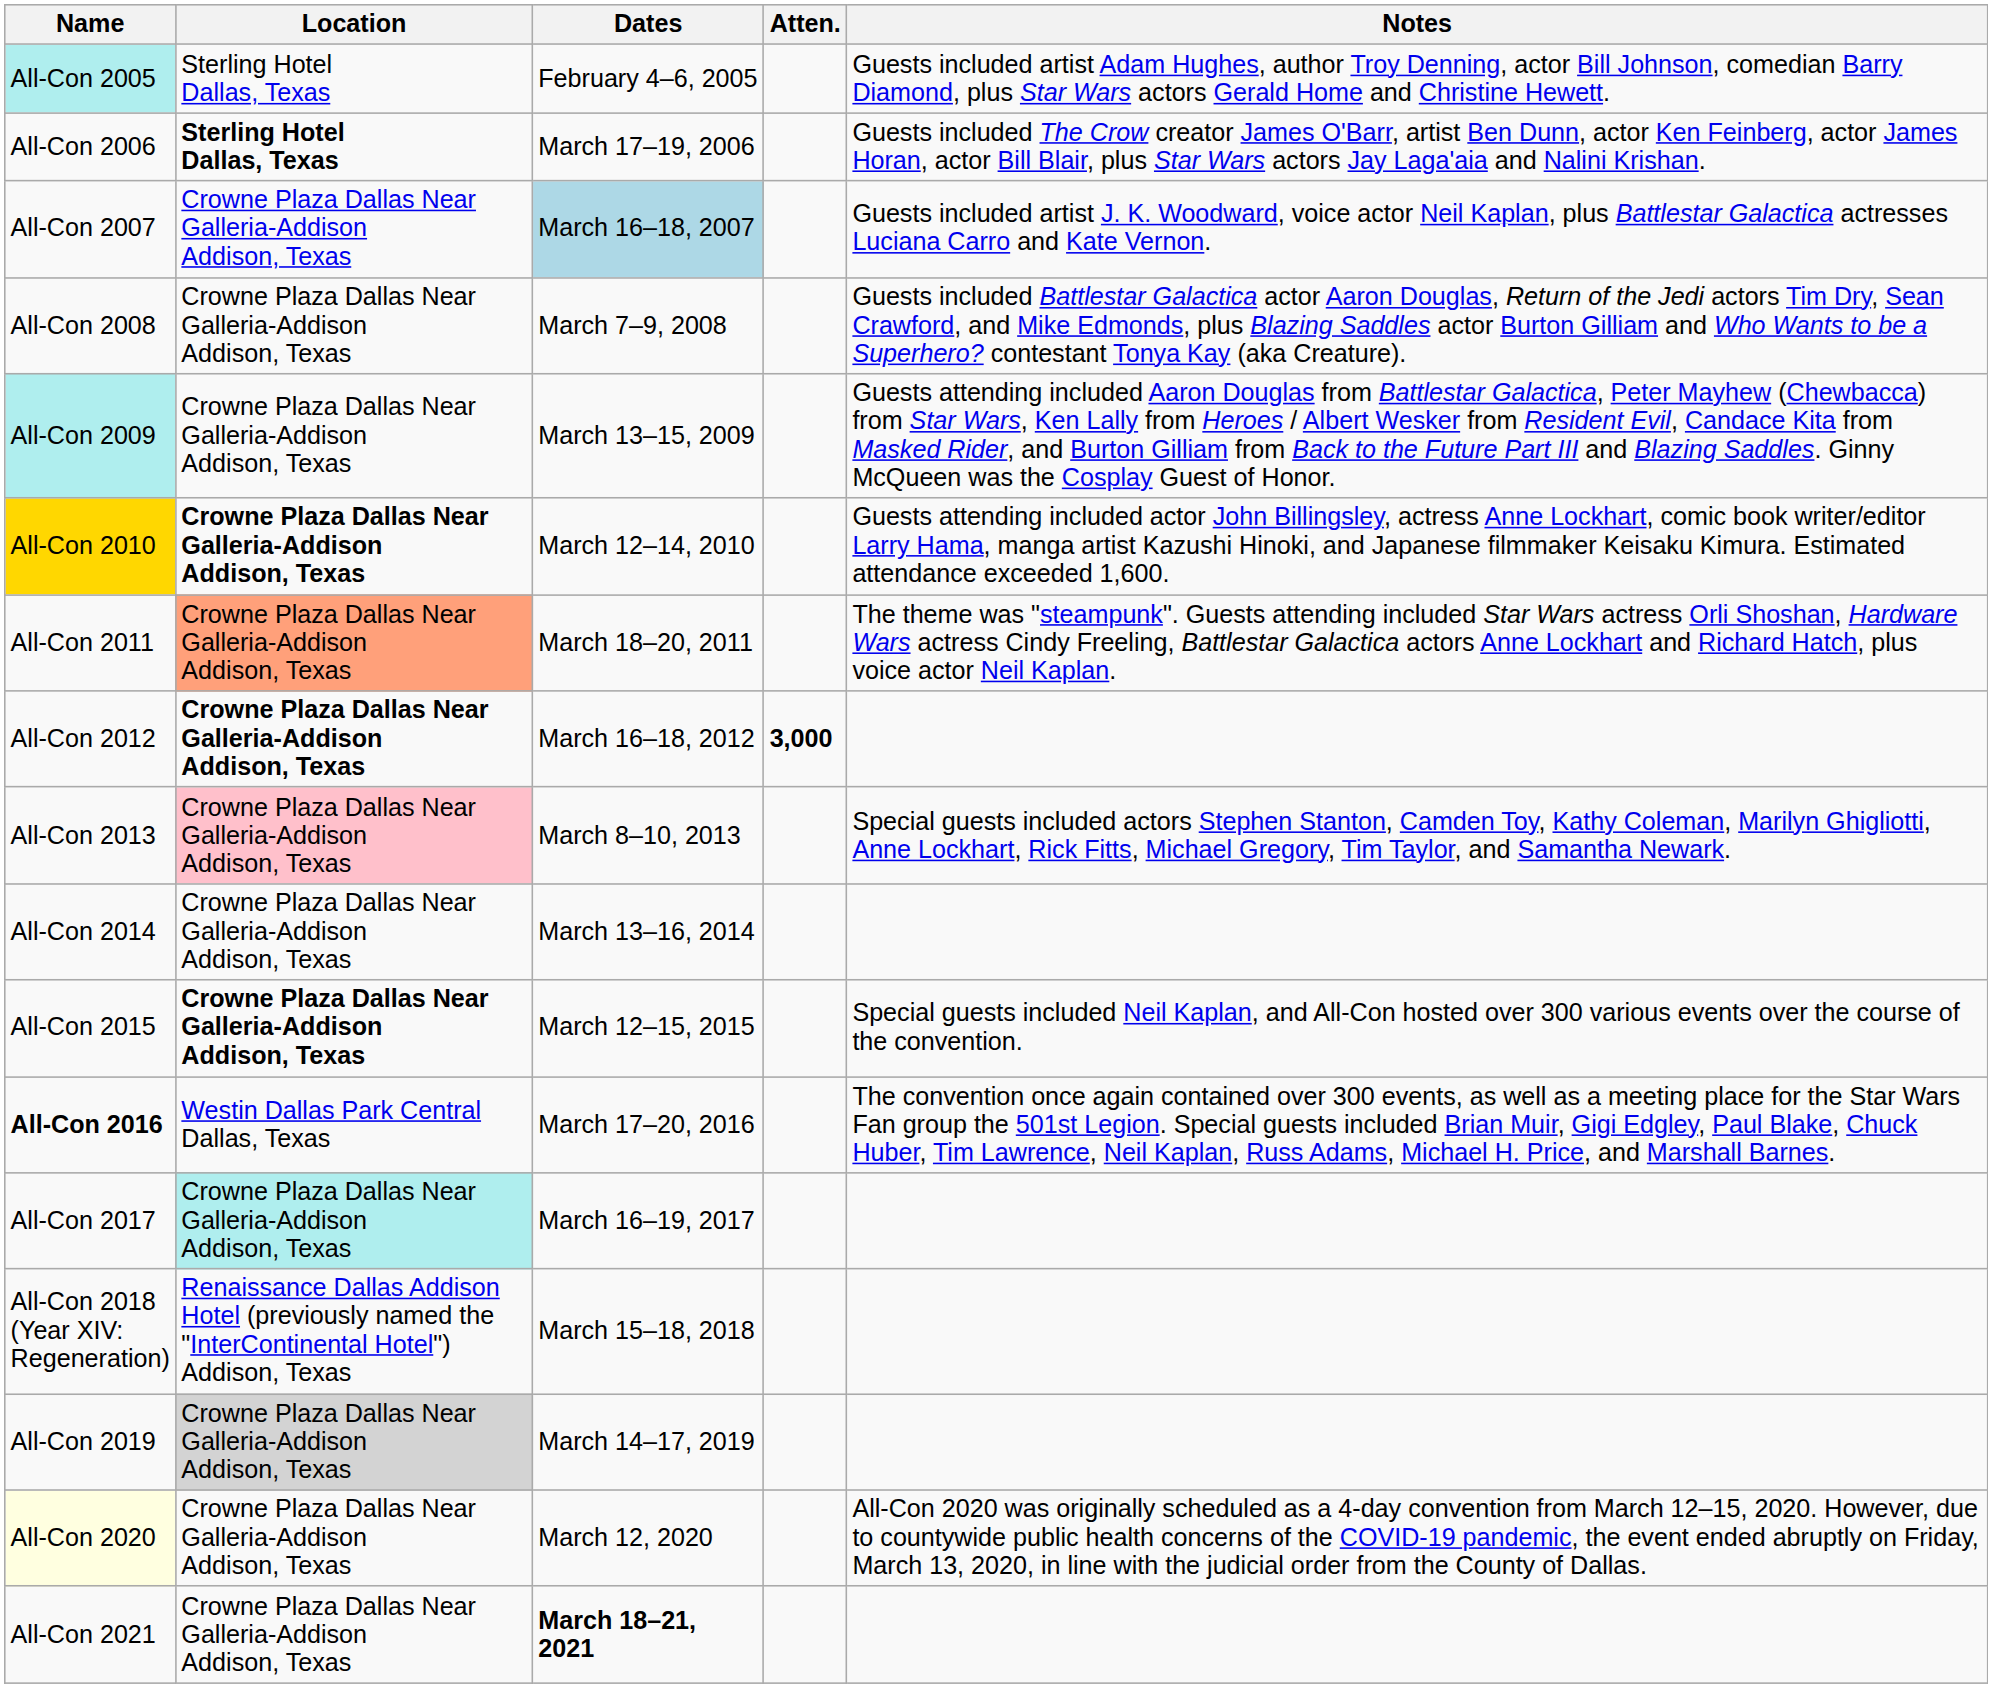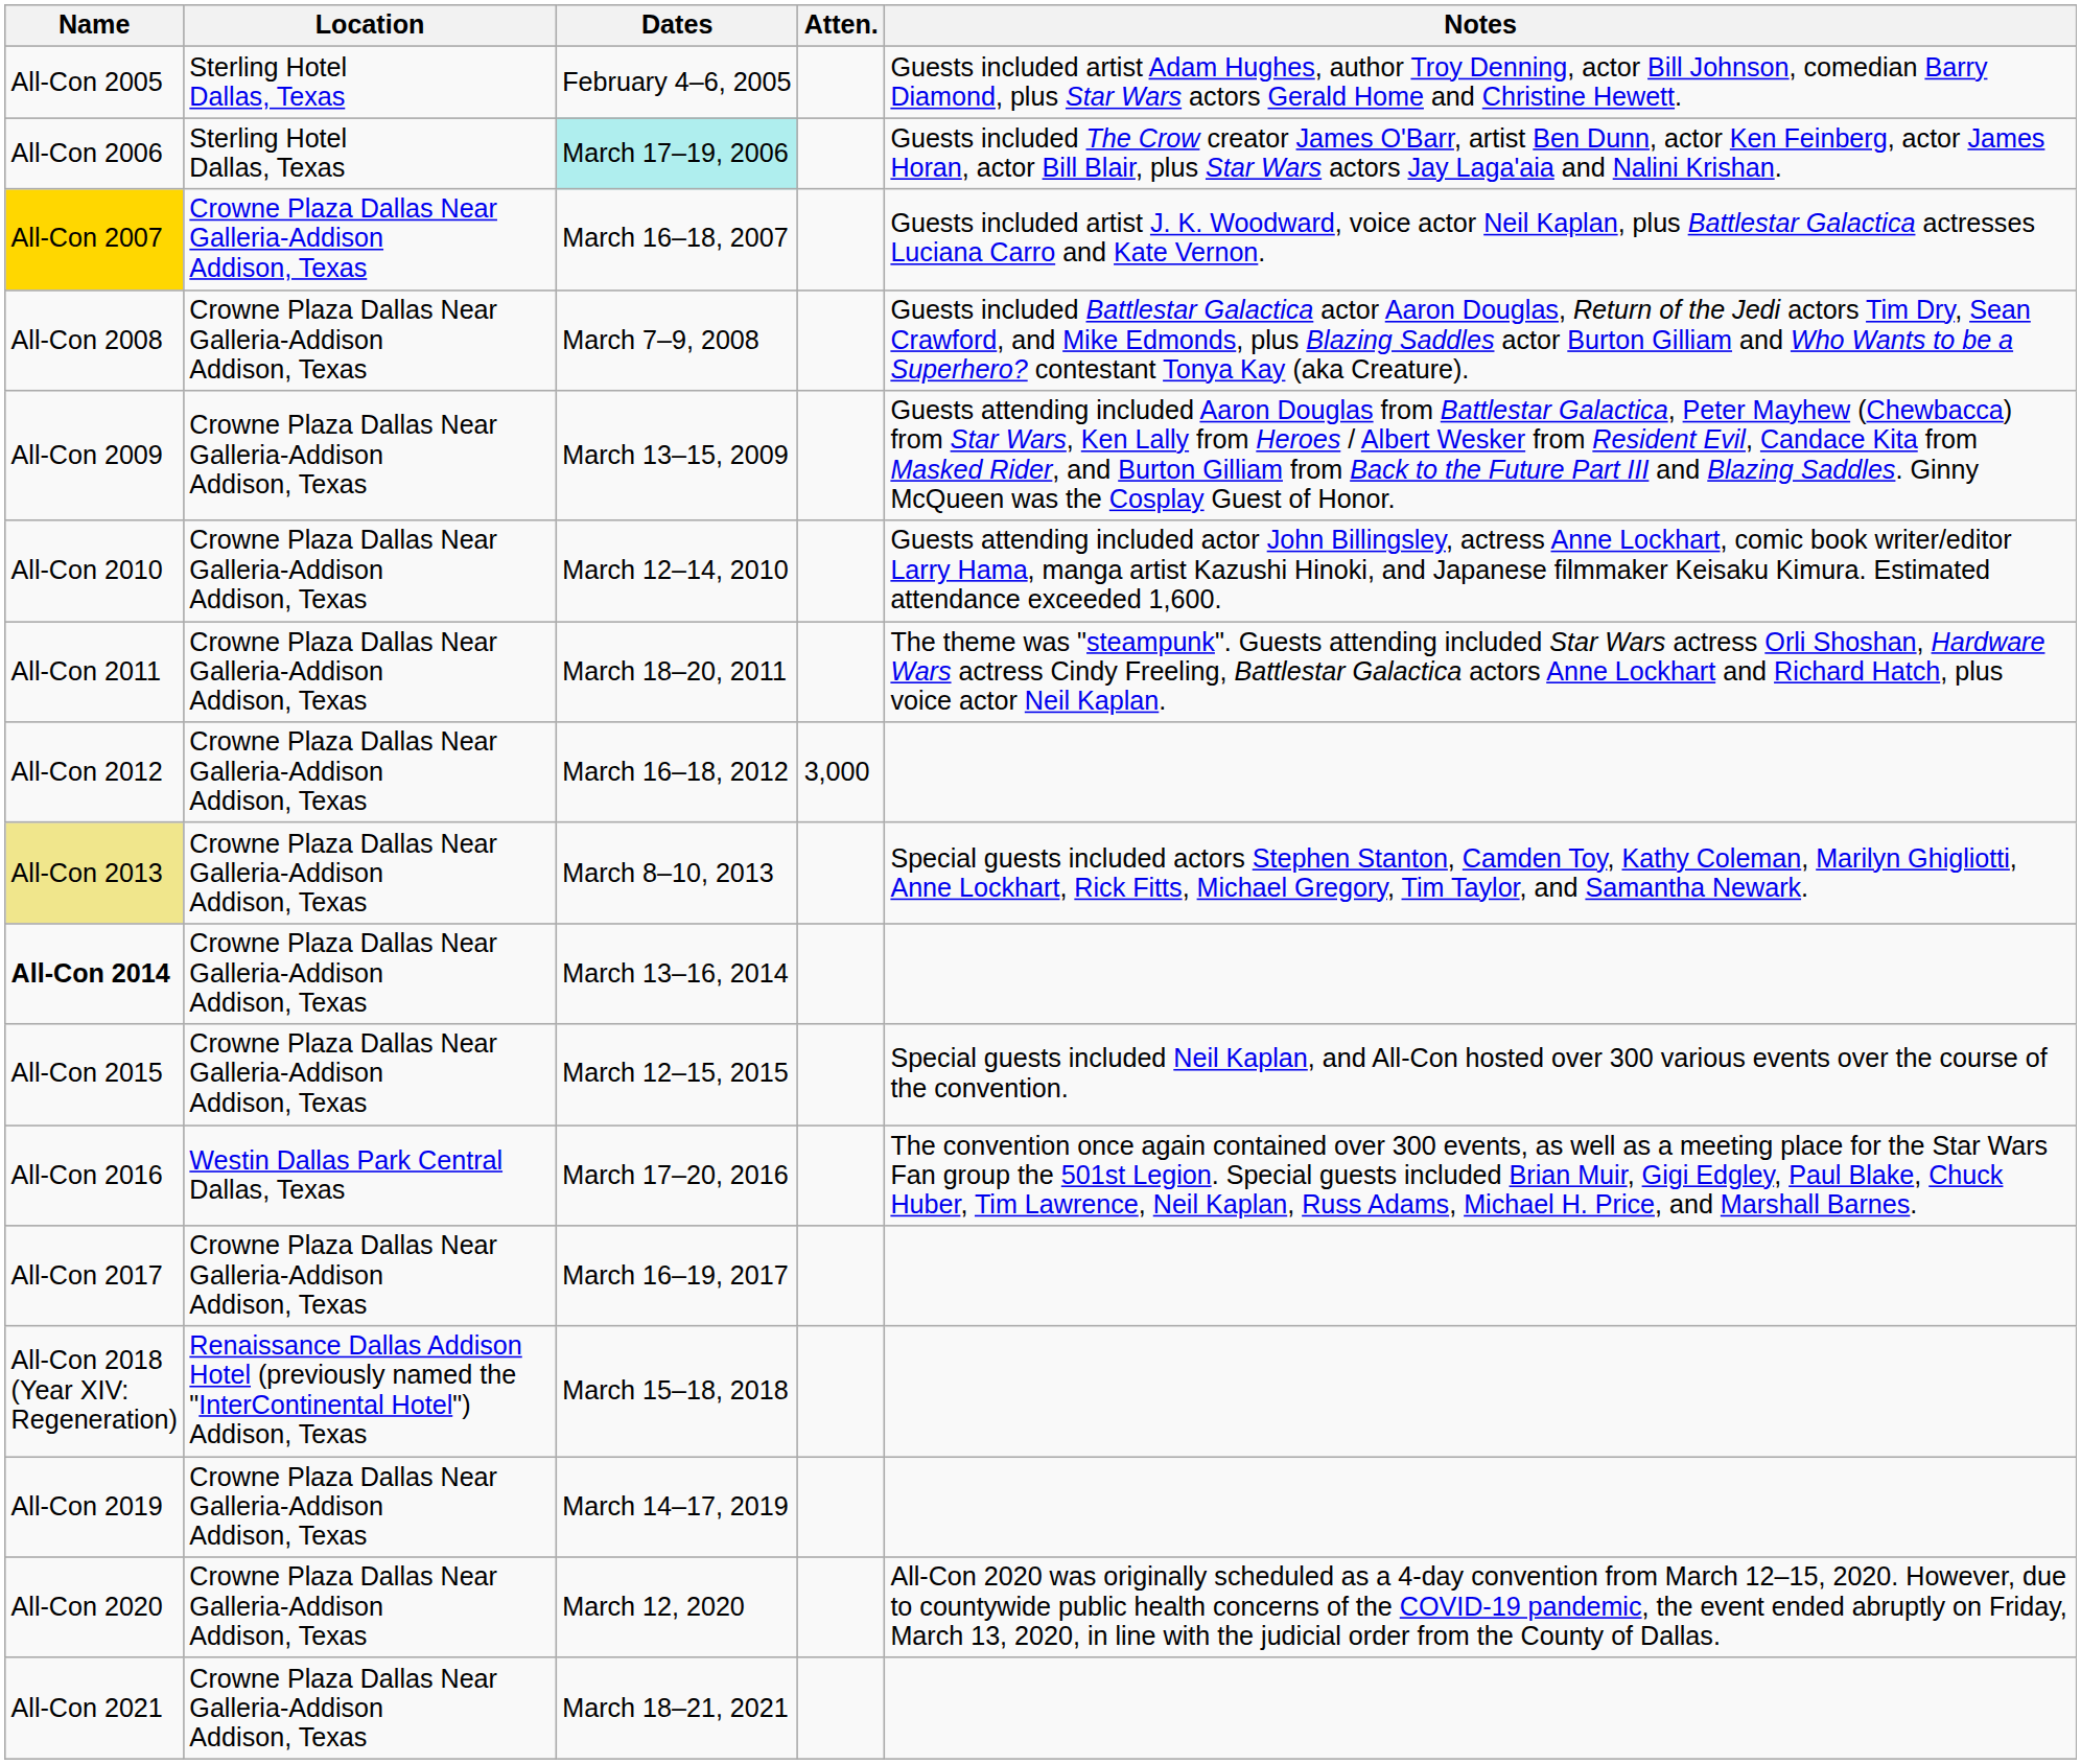 <table class="wikitable" width="100%">
 <tr>
 <th width=100px>Name</th>
 <th width=18%>Location</th>
 <th width=140px>Dates</th>
 <th>Atten.</th>
 <th>Notes</th>
 </tr>
 <tr>
-<td style="background: paleturquoise;">All-Con 2005</td>
+<td>All-Con 2005</td>
 <td>Sterling Hotel<br><a href='#'>Dallas, Texas</a></td>
 <td>February 4–6, 2005</td>
 <td></td>
 <td>Guests included artist <a href='#'>Adam Hughes</a>, author <a href='#'>Troy Denning</a>, actor <a href='#'>Bill Johnson</a>, comedian <a href='#'>Barry Diamond</a>, plus <em><a href='#'>Star Wars</a></em> actors <a href='#'>Gerald Home</a> and <a href='#'>Christine Hewett</a>.</td>
 </tr>
 <tr>
 <td>All-Con 2006</td>
-<td><strong>Sterling Hotel<br>Dallas, Texas</strong></td>
-<td>March 17–19, 2006</td>
+<td>Sterling Hotel<br>Dallas, Texas</td>
+<td style="background: paleturquoise;">March 17–19, 2006</td>
 <td></td>
 <td>Guests included <em><a href='#'>The Crow</a></em> creator <a href='#'>James O'Barr</a>, artist <a href='#'>Ben Dunn</a>, actor <a href='#'>Ken Feinberg</a>, actor <a href='#'>James Horan</a>, actor <a href='#'>Bill Blair</a>, plus <em><a href='#'>Star Wars</a></em> actors <a href='#'>Jay Laga'aia</a> and <a href='#'>Nalini Krishan</a>.</td>
 </tr>
 <tr>
-<td>All-Con 2007</td>
+<td style="background: gold;">All-Con 2007</td>
 <td><a href='#'>Crowne Plaza Dallas Near Galleria-Addison</a><br><a href='#'>Addison, Texas</a></td>
-<td style="background: lightblue;">March 16–18, 2007</td>
+<td>March 16–18, 2007</td>
 <td></td>
 <td>Guests included artist <a href='#'>J. K. Woodward</a>, voice actor <a href='#'>Neil Kaplan</a>, plus <em><a href='#'>Battlestar Galactica</a></em> actresses <a href='#'>Luciana Carro</a> and <a href='#'>Kate Vernon</a>.</td>
 </tr>
 <tr>
 <td>All-Con 2008</td>
 <td>Crowne Plaza Dallas Near Galleria-Addison<br>Addison, Texas</td>
 <td>March 7–9, 2008</td>
 <td></td>
 <td>Guests included <em><a href='#'>Battlestar Galactica</a></em> actor <a href='#'>Aaron Douglas</a>, <em>Return of the Jedi</em> actors <a href='#'>Tim Dry</a>, <a href='#'>Sean Crawford</a>, and <a href='#'>Mike Edmonds</a>, plus <em><a href='#'>Blazing Saddles</a></em> actor <a href='#'>Burton Gilliam</a> and <em><a href='#'>Who Wants to be a Superhero?</a></em> contestant <a href='#'>Tonya Kay</a> (aka Creature).</td>
 </tr>
 <tr>
-<td style="background: paleturquoise;">All-Con 2009</td>
+<td>All-Con 2009</td>
 <td>Crowne Plaza Dallas Near Galleria-Addison<br>Addison, Texas</td>
 <td>March 13–15, 2009</td>
 <td></td>
 <td>Guests attending included <a href='#'>Aaron Douglas</a> from <em><a href='#'>Battlestar Galactica</a></em>, <a href='#'>Peter Mayhew</a> (<a href='#'>Chewbacca</a>) from <em><a href='#'>Star Wars</a></em>, <a href='#'>Ken Lally</a> from <em><a href='#'>Heroes</a></em> / <a href='#'>Albert Wesker</a> from <em><a href='#'>Resident Evil</a></em>, <a href='#'>Candace Kita</a> from <em><a href='#'>Masked Rider</a></em>, and <a href='#'>Burton Gilliam</a> from <em><a href='#'>Back to the Future Part III</a></em> and <em><a href='#'>Blazing Saddles</a></em>. Ginny McQueen was the <a href='#'>Cosplay</a> Guest of Honor.</td>
 </tr>
 <tr>
-<td style="background: gold;">All-Con 2010</td>
-<td><strong>Crowne Plaza Dallas Near Galleria-Addison<br>Addison, Texas</strong></td>
+<td>All-Con 2010</td>
+<td>Crowne Plaza Dallas Near Galleria-Addison<br>Addison, Texas</td>
 <td>March 12–14, 2010</td>
 <td></td>
 <td>Guests attending included actor <a href='#'>John Billingsley</a>, actress <a href='#'>Anne Lockhart</a>, comic book writer/editor <a href='#'>Larry Hama</a>, manga artist Kazushi Hinoki, and Japanese filmmaker Keisaku Kimura. Estimated attendance exceeded 1,600.</td>
 </tr>
 <tr>
 <td>All-Con 2011</td>
-<td style="background: lightsalmon;">Crowne Plaza Dallas Near Galleria-Addison<br>Addison, Texas</td>
+<td>Crowne Plaza Dallas Near Galleria-Addison<br>Addison, Texas</td>
 <td>March 18–20, 2011</td>
 <td></td>
 <td>The theme was "<a href='#'>steampunk</a>". Guests attending included <em>Star Wars</em> actress <a href='#'>Orli Shoshan</a>, <em><a href='#'>Hardware Wars</a></em> actress Cindy Freeling, <em>Battlestar Galactica</em> actors <a href='#'>Anne Lockhart</a> and <a href='#'>Richard Hatch</a>, plus voice actor <a href='#'>Neil Kaplan</a>.</td>
 </tr>
 <tr>
 <td>All-Con 2012</td>
-<td><strong>Crowne Plaza Dallas Near Galleria-Addison<br>Addison, Texas</strong></td>
+<td>Crowne Plaza Dallas Near Galleria-Addison<br>Addison, Texas</td>
 <td>March 16–18, 2012</td>
-<td><strong>3,000</strong></td>
+<td>3,000</td>
 <td></td>
 </tr>
 <tr>
-<td>All-Con 2013</td>
-<td style="background: pink;">Crowne Plaza Dallas Near Galleria-Addison<br>Addison, Texas</td>
+<td style="background: khaki;">All-Con 2013</td>
+<td>Crowne Plaza Dallas Near Galleria-Addison<br>Addison, Texas</td>
 <td>March 8–10, 2013</td>
 <td></td>
 <td>Special guests included actors <a href='#'>Stephen Stanton</a>, <a href='#'>Camden Toy</a>, <a href='#'>Kathy Coleman</a>, <a href='#'>Marilyn Ghigliotti</a>, <a href='#'>Anne Lockhart</a>, <a href='#'>Rick Fitts</a>, <a href='#'>Michael Gregory</a>, <a href='#'>Tim Taylor</a>, and <a href='#'>Samantha Newark</a>.</td>
 </tr>
 <tr>
-<td>All-Con 2014</td>
+<td><strong>All-Con 2014</strong></td>
 <td>Crowne Plaza Dallas Near Galleria-Addison<br>Addison, Texas</td>
 <td>March 13–16, 2014</td>
 <td></td>
 <td></td>
 </tr>
 <tr>
 <td>All-Con 2015</td>
-<td><strong>Crowne Plaza Dallas Near Galleria-Addison<br>Addison, Texas</strong></td>
+<td>Crowne Plaza Dallas Near Galleria-Addison<br>Addison, Texas</td>
 <td>March 12–15, 2015</td>
 <td></td>
 <td>Special guests included <a href='#'>Neil Kaplan</a>, and All-Con hosted over 300 various events over the course of the convention.</td>
 </tr>
 <tr>
-<td><strong>All-Con 2016</strong></td>
+<td>All-Con 2016</td>
 <td><a href='#'>Westin Dallas Park Central</a><br>Dallas, Texas</td>
 <td>March 17–20, 2016</td>
 <td></td>
 <td>The convention once again contained over 300 events, as well as a meeting place for the Star Wars Fan group the <a href='#'>501st Legion</a>. Special guests included <a href='#'>Brian Muir</a>, <a href='#'>Gigi Edgley</a>, <a href='#'>Paul Blake</a>, <a href='#'>Chuck Huber</a>, <a href='#'>Tim Lawrence</a>, <a href='#'>Neil Kaplan</a>, <a href='#'>Russ Adams</a>, <a href='#'>Michael H. Price</a>, and <a href='#'>Marshall Barnes</a>.</td>
 </tr>
 <tr>
 <td>All-Con 2017</td>
-<td style="background: paleturquoise;">Crowne Plaza Dallas Near Galleria-Addison<br>Addison, Texas</td>
+<td>Crowne Plaza Dallas Near Galleria-Addison<br>Addison, Texas</td>
 <td>March 16–19, 2017</td>
 <td></td>
 <td></td>
 </tr>
 <tr>
 <td>All-Con 2018<br>(Year XIV: Regeneration)</td>
 <td><a href='#'>Renaissance Dallas Addison Hotel</a> (previously named the "<a href='#'>InterContinental Hotel</a>")<br>Addison, Texas</td>
 <td>March 15–18, 2018</td>
 <td></td>
 <td></td>
 </tr>
 <tr>
 <td>All-Con 2019</td>
-<td style="background: lightgrey;">Crowne Plaza Dallas Near Galleria-Addison<br>Addison, Texas</td>
+<td>Crowne Plaza Dallas Near Galleria-Addison<br>Addison, Texas</td>
 <td>March 14–17, 2019</td>
 <td></td>
 <td></td>
 </tr>
 <tr>
-<td style="background: lightyellow;">All-Con 2020</td>
+<td>All-Con 2020</td>
 <td>Crowne Plaza Dallas Near Galleria-Addison<br>Addison, Texas</td>
 <td>March 12, 2020</td>
 <td></td>
 <td>All-Con 2020 was originally scheduled as a 4-day convention from March 12–15, 2020. However, due to countywide public health concerns of the <a href='#'>COVID-19 pandemic</a>, the event ended abruptly on Friday, March 13, 2020, in line with the judicial order from the County of Dallas.</td>
 </tr>
 <tr>
 <td>All-Con 2021</td>
 <td>Crowne Plaza Dallas Near Galleria-Addison<br>Addison, Texas</td>
-<td><strong>March 18–21, 2021</strong></td>
+<td>March 18–21, 2021</td>
 <td></td>
 <td></td>
 </tr>
 </table>
